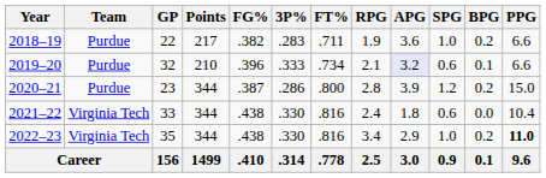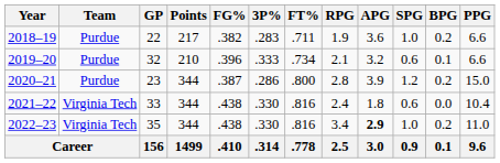 <table class="wikitable"; style="text-align:center";>
 <tr>
 <th>Year</th>
 <th>Team</th>
 <th>GP</th>
 <th>Points</th>
 <th>FG%</th>
 <th>3P%</th>
 <th>FT%</th>
 <th>RPG</th>
 <th>APG</th>
 <th>SPG</th>
 <th>BPG</th>
 <th>PPG</th>
 </tr>
 <tr>
 <td><a href='#'>2018–19</a></td>
 <td><a href='#'>Purdue</a></td>
 <td>22</td>
 <td>217</td>
 <td>.382</td>
 <td>.283</td>
 <td>.711</td>
 <td>1.9</td>
 <td>3.6</td>
 <td>1.0</td>
 <td>0.2</td>
 <td>6.6</td>
 </tr>
 <tr>
 <td><a href='#'>2019–20</a></td>
 <td><a href='#'>Purdue</a></td>
 <td>32</td>
 <td>210</td>
 <td>.396</td>
 <td>.333</td>
 <td>.734</td>
 <td>2.1</td>
-<td style="background: lavender;">3.2</td>
+<td>3.2</td>
 <td>0.6</td>
 <td>0.1</td>
 <td>6.6</td>
 </tr>
 <tr>
 <td><a href='#'>2020–21</a></td>
 <td><a href='#'>Purdue</a></td>
 <td>23</td>
 <td>344</td>
 <td>.387</td>
 <td>.286</td>
 <td>.800</td>
 <td>2.8</td>
 <td>3.9</td>
 <td>1.2</td>
 <td>0.2</td>
 <td>15.0</td>
 </tr>
 <tr>
 <td><a href='#'>2021–22</a></td>
 <td><a href='#'>Virginia Tech</a></td>
 <td>33</td>
 <td>344</td>
 <td>.438</td>
 <td>.330</td>
 <td>.816</td>
 <td>2.4</td>
 <td>1.8</td>
 <td>0.6</td>
 <td>0.0</td>
 <td>10.4</td>
 </tr>
 <tr>
 <td><a href='#'>2022–23</a></td>
 <td><a href='#'>Virginia Tech</a></td>
 <td>35</td>
 <td>344</td>
 <td>.438</td>
 <td>.330</td>
 <td>.816</td>
 <td>3.4</td>
-<td>2.9</td>
+<td><strong>2.9</strong></td>
 <td>1.0</td>
 <td>0.2</td>
-<td><strong>11.0</strong></td>
+<td>11.0</td>
 </tr>
 <tr>
 <th colspan=2; align=center>Career</th>
 <th>156</th>
 <th>1499</th>
 <th>.410</th>
 <th>.314</th>
 <th>.778</th>
 <th>2.5</th>
 <th>3.0</th>
 <th>0.9</th>
 <th>0.1</th>
 <th>9.6</th>
 </tr>
 </table>
